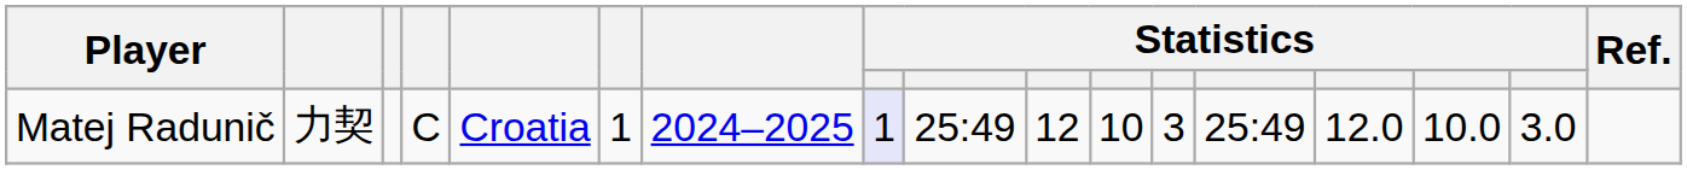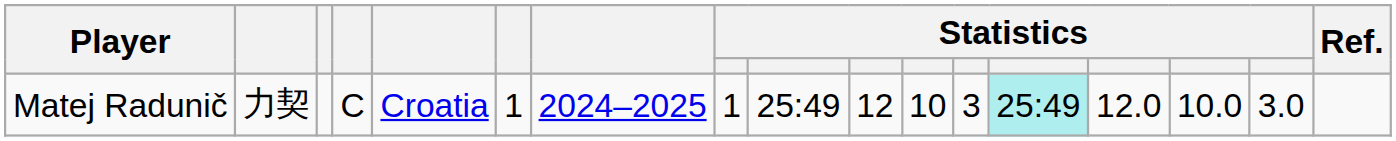 <table class="wikitable sortable" style="font-size:95%; text-align:right;">
 <tr>
 <th rowspan="2">Player</th>
 <th rowspan="2"></th>
 <th rowspan="2"></th>
 <th rowspan="2"></th>
 <th rowspan="2"></th>
 <th rowspan="2"></th>
 <th rowspan="2"></th>
 <th colspan="9">Statistics</th>
 <th rowspan="2">Ref.</th>
 </tr>
 <tr>
 <th></th>
 <th></th>
 <th></th>
 <th></th>
 <th></th>
 <th></th>
 <th></th>
 <th></th>
 <th></th>
 </tr>
 <tr>
 <td align="left">Matej Radunič</td>
 <td align="left">力契</td>
 <td align="center"></td>
 <td align="center">C</td>
 <td align="left"><a href='#'>Croatia</a></td>
 <td align="center">1</td>
 <td align="center"><a href='#'>2024–2025</a></td>
-<td style="background: lavender;">1</td>
+<td>1</td>
 <td>25:49</td>
 <td>12</td>
 <td>10</td>
 <td>3</td>
-<td>25:49</td>
+<td style="background: paleturquoise;">25:49</td>
 <td>12.0</td>
 <td>10.0</td>
 <td>3.0</td>
 <td align="center"></td>
 </tr>
 </table>
